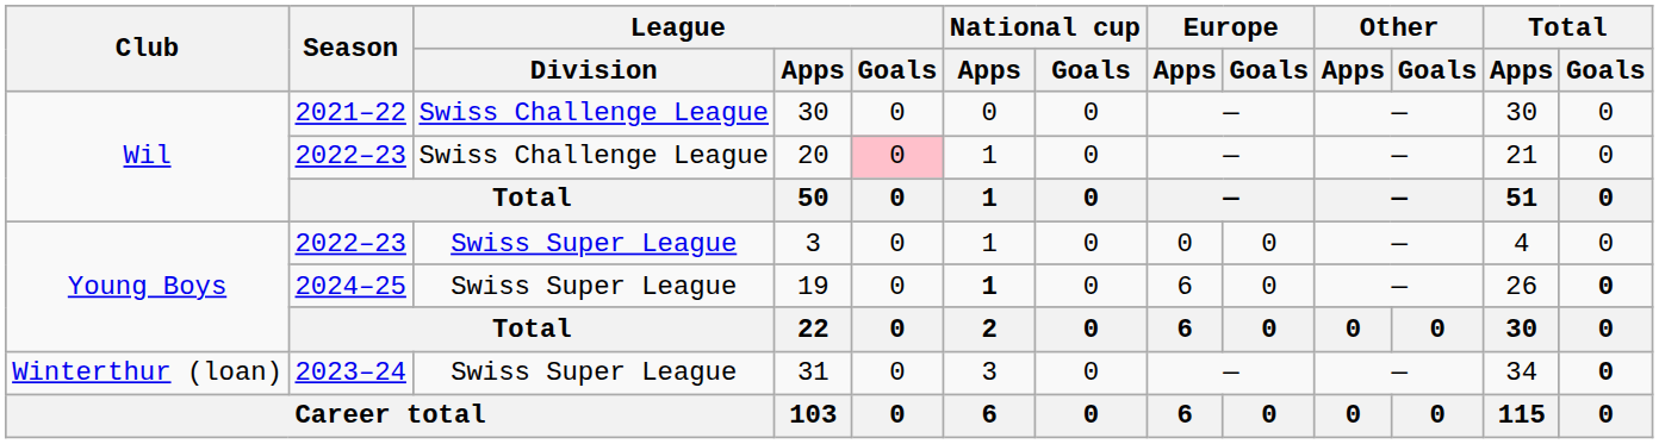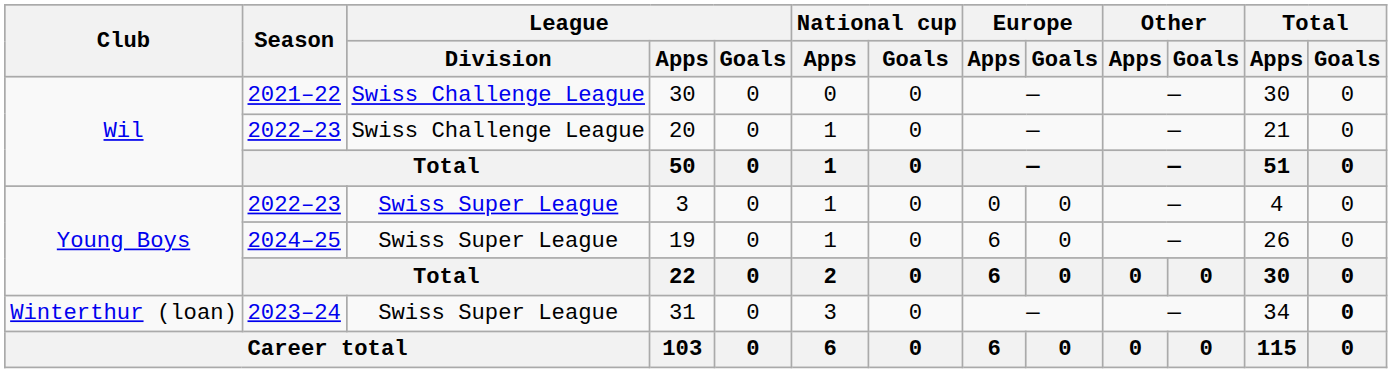 <table class="wikitable" style="text-align:center">
 <tr>
 <th rowspan="2">Club</th>
 <th rowspan="2">Season</th>
 <th colspan="3">League</th>
 <th colspan="2">National cup</th>
 <th colspan="2">Europe</th>
 <th colspan="2">Other</th>
 <th colspan="2">Total</th>
 </tr>
 <tr>
 <th>Division</th>
 <th>Apps</th>
 <th>Goals</th>
 <th>Apps</th>
 <th>Goals</th>
 <th>Apps</th>
 <th>Goals</th>
 <th>Apps</th>
 <th>Goals</th>
 <th>Apps</th>
 <th>Goals</th>
 </tr>
 <tr>
 <td rowspan="3"><a href='#'>Wil</a></td>
 <td><a href='#'>2021–22</a></td>
 <td><a href='#'>Swiss Challenge League</a></td>
 <td>30</td>
 <td>0</td>
 <td>0</td>
 <td>0</td>
 <td colspan="2">—</td>
 <td colspan="2">—</td>
 <td>30</td>
 <td>0</td>
 </tr>
 <tr>
 <td><a href='#'>2022–23</a></td>
 <td>Swiss Challenge League</td>
 <td>20</td>
-<td style="background: pink;">0</td>
+<td>0</td>
 <td>1</td>
 <td>0</td>
 <td colspan="2">—</td>
 <td colspan="2">—</td>
 <td>21</td>
 <td>0</td>
 </tr>
 <tr>
 <th colspan="2">Total</th>
 <th>50</th>
 <th>0</th>
 <th>1</th>
 <th>0</th>
 <th colspan="2">—</th>
 <th colspan="2">—</th>
 <th>51</th>
 <th>0</th>
 </tr>
 <tr>
 <td rowspan="3"><a href='#'>Young Boys</a></td>
 <td><a href='#'>2022–23</a></td>
 <td><a href='#'>Swiss Super League</a></td>
 <td>3</td>
 <td>0</td>
 <td>1</td>
 <td>0</td>
 <td>0</td>
 <td>0</td>
 <td colspan="2">—</td>
 <td>4</td>
 <td>0</td>
 </tr>
 <tr>
 <td><a href='#'>2024–25</a></td>
 <td>Swiss Super League</td>
 <td>19</td>
 <td>0</td>
-<td><strong>1</strong></td>
+<td>1</td>
 <td>0</td>
 <td>6</td>
 <td>0</td>
 <td colspan="2">—</td>
 <td>26</td>
-<td><strong>0</strong></td>
+<td>0</td>
 </tr>
 <tr>
 <th colspan="2">Total</th>
 <th>22</th>
 <th>0</th>
 <th>2</th>
 <th>0</th>
 <th>6</th>
 <th>0</th>
 <th>0</th>
 <th>0</th>
 <th>30</th>
 <th>0</th>
 </tr>
 <tr>
 <td><a href='#'>Winterthur</a> (loan)</td>
 <td><a href='#'>2023–24</a></td>
 <td>Swiss Super League</td>
 <td>31</td>
 <td>0</td>
 <td>3</td>
 <td>0</td>
 <td colspan="2">—</td>
 <td colspan="2">—</td>
 <td>34</td>
 <td><strong>0</strong></td>
 </tr>
 <tr>
 <th colspan="3">Career total</th>
 <th>103</th>
 <th>0</th>
 <th>6</th>
 <th>0</th>
 <th>6</th>
 <th>0</th>
 <th>0</th>
 <th>0</th>
 <th>115</th>
 <th>0</th>
 </tr>
 </table>
